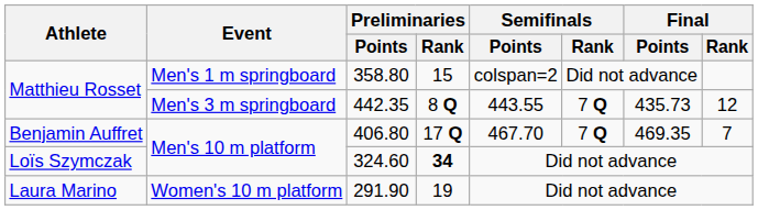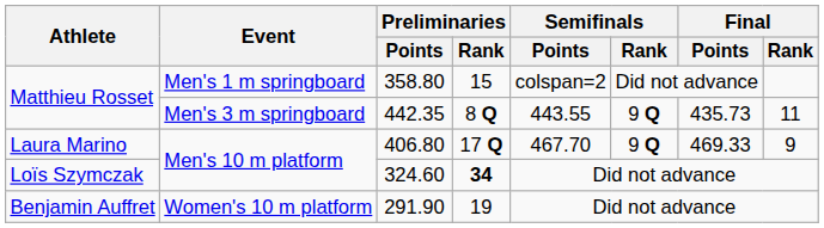 <table class=wikitable style="font-size:90%;">
 <tr>
 <th rowspan="2">Athlete</th>
 <th rowspan="2">Event</th>
 <th colspan="2">Preliminaries</th>
 <th colspan="2">Semifinals</th>
 <th colspan="2">Final</th>
 </tr>
 <tr style="font-size:95%">
 <th>Points</th>
 <th>Rank</th>
 <th>Points</th>
 <th>Rank</th>
 <th>Points</th>
 <th>Rank</th>
 </tr>
 <tr align=center>
 <td align=left rowspan=2><a href='#'>Matthieu Rosset</a></td>
 <td align=left><a href='#'>Men's 1 m springboard</a></td>
 <td>358.80</td>
 <td>15</td>
 <td>colspan=2 </td>
 <td colspan=2>Did not advance</td>
 </tr>
 <tr align=center>
 <td align=left><a href='#'>Men's 3 m springboard</a></td>
 <td>442.35</td>
 <td>8 <strong>Q</strong></td>
 <td>443.55</td>
-<td>7 <strong>Q</strong></td>
+<td>9 <strong>Q</strong></td>
 <td>435.73</td>
-<td>12</td>
+<td>11</td>
 </tr>
 <tr align=center>
-<td align=left><a href='#'>Benjamin Auffret</a></td>
+<td align=left><a href='#'>Laura Marino</a></td>
 <td align=left rowspan=2><a href='#'>Men's 10 m platform</a></td>
 <td>406.80</td>
 <td>17 <strong>Q</strong></td>
 <td>467.70</td>
-<td>7 <strong>Q</strong></td>
-<td>469.35</td>
-<td>7</td>
+<td>9 <strong>Q</strong></td>
+<td>469.33</td>
+<td>9</td>
 </tr>
 <tr align=center>
 <td align=left><a href='#'>Loïs Szymczak</a></td>
 <td>324.60</td>
 <td><strong>34</strong></td>
 <td colspan=4>Did not advance</td>
 </tr>
 <tr align=center>
-<td align=left><a href='#'>Laura Marino</a></td>
+<td align=left><a href='#'>Benjamin Auffret</a></td>
 <td align=left><a href='#'>Women's 10 m platform</a></td>
 <td>291.90</td>
 <td>19</td>
 <td colspan=4>Did not advance</td>
 </tr>
 </table>
